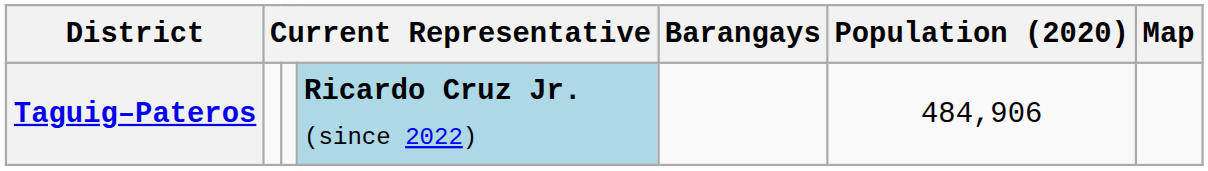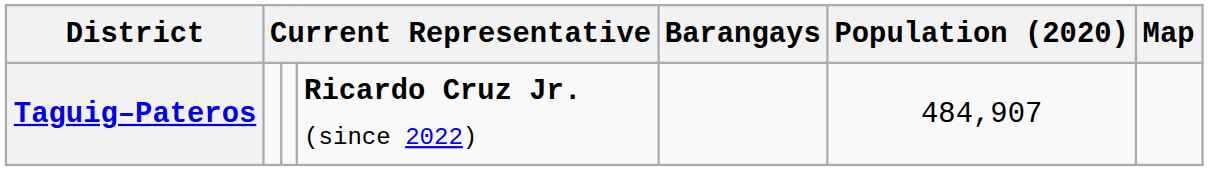 <table class="wikitable sortable" style="margin: 1em auto; font-size:100%; line-height:20px; text-align:center">
 <tr>
 <th>District</th>
 <th colspan="3">Current Representative</th>
 <th>Barangays</th>
 <th>Population (2020)</th>
 <th>Map</th>
 </tr>
 <tr>
 <th><a href='#'>Taguig–Pateros </a></th>
 <td style="background:"></td>
 <td></td>
-<td style="background: lightblue; text-align:left;"><strong>Ricardo Cruz Jr.</strong><br><small>(since <a href='#'>2022</a>)</small></td>
+<td style="text-align:left;"><strong>Ricardo Cruz Jr.</strong><br><small>(since <a href='#'>2022</a>)</small></td>
 <td></td>
-<td>484,906</td>
+<td>484,907</td>
 <td></td>
 </tr>
 </table>
